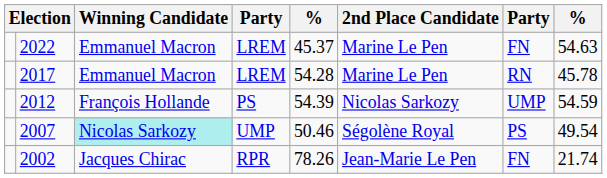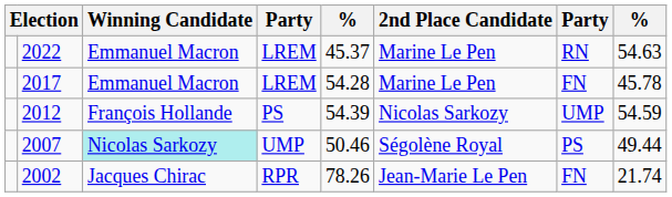 <table class="wikitable">
 <tr>
 <th colspan="2">Election</th>
 <th>Winning Candidate</th>
 <th>Party</th>
 <th>%</th>
 <th>2nd Place Candidate</th>
 <th>Party</th>
 <th>%</th>
 </tr>
 <tr>
 <td></td>
 <td><a href='#'>2022</a></td>
 <td><a href='#'>Emmanuel Macron</a></td>
 <td><a href='#'>LREM</a></td>
 <td>45.37</td>
 <td><a href='#'>Marine Le Pen</a></td>
-<td><a href='#'>FN</a></td>
+<td><a href='#'>RN</a></td>
 <td>54.63</td>
 </tr>
 <tr>
 <td style="background-color: "></td>
 <td><a href='#'>2017</a></td>
 <td><a href='#'>Emmanuel Macron</a></td>
 <td><a href='#'>LREM</a></td>
 <td>54.28</td>
 <td><a href='#'>Marine Le Pen</a></td>
-<td><a href='#'>RN</a></td>
+<td><a href='#'>FN</a></td>
 <td>45.78</td>
 </tr>
 <tr>
 <td style="background-color: "></td>
 <td><a href='#'>2012</a></td>
 <td><a href='#'>François Hollande</a></td>
 <td><a href='#'>PS</a></td>
 <td>54.39</td>
 <td><a href='#'>Nicolas Sarkozy</a></td>
 <td><a href='#'>UMP</a></td>
 <td>54.59</td>
 </tr>
 <tr>
 <td style="background-color: "></td>
 <td><a href='#'>2007</a></td>
 <td style="background: paleturquoise;"><a href='#'>Nicolas Sarkozy</a></td>
 <td><a href='#'>UMP</a></td>
 <td>50.46</td>
 <td><a href='#'>Ségolène Royal</a></td>
 <td><a href='#'>PS</a></td>
-<td>49.54</td>
+<td>49.44</td>
 </tr>
 <tr>
 <td style="background-color: "></td>
 <td><a href='#'>2002</a></td>
 <td><a href='#'>Jacques Chirac</a></td>
 <td><a href='#'>RPR</a></td>
 <td>78.26</td>
 <td><a href='#'>Jean-Marie Le Pen</a></td>
 <td><a href='#'>FN</a></td>
 <td>21.74</td>
 </tr>
 </table>
